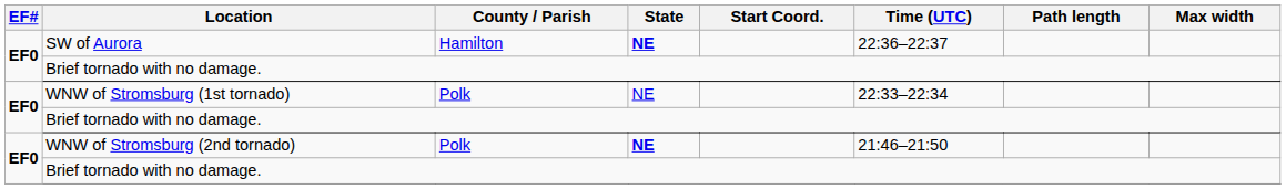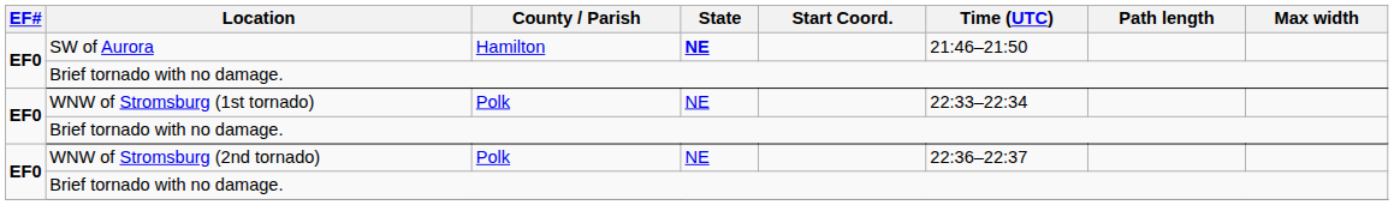 <table class="wikitable sortable" style="width:100%;">
 <tr>
 <th scope="col" width="2%" align="center"><a href='#'>EF#</a></th>
 <th scope="col" align="center" class="unsortable">Location</th>
 <th scope="col" align="center" class="unsortable">County / Parish</th>
 <th scope="col" align="center">State</th>
 <th scope="col" align="center" data-sort-type="number">Start Coord.</th>
 <th scope="col" align="center" data-sort-type="number">Time (<a href='#'>UTC</a>)</th>
 <th scope="col" align="center" data-sort-type="number">Path length</th>
 <th scope="col" align="center" data-sort-type="number">Max width</th>
 </tr>
 <tr>
 <td rowspan="2" align="center"><strong>EF0</strong></td>
 <td>SW of <a href='#'>Aurora</a></td>
 <td><a href='#'>Hamilton</a></td>
 <td><strong><a href='#'>NE</a></strong></td>
 <td></td>
-<td>22:36–22:37</td>
+<td>21:46–21:50</td>
 <td></td>
 <td></td>
 </tr>
 <tr class="expand-child">
 <td colspan="8" style=" border-bottom: 1px solid black;">Brief tornado with no damage.</td>
 </tr>
 <tr>
 <td rowspan="2" align="center"><strong>EF0</strong></td>
 <td>WNW of <a href='#'>Stromsburg</a> (1st tornado)</td>
 <td><a href='#'>Polk</a></td>
 <td><a href='#'>NE</a></td>
 <td></td>
 <td>22:33–22:34</td>
 <td></td>
 <td></td>
 </tr>
 <tr class="expand-child">
 <td colspan="8" style=" border-bottom: 1px solid black;">Brief tornado with no damage.</td>
 </tr>
 <tr>
 <td rowspan="2" align="center"><strong>EF0</strong></td>
 <td>WNW of <a href='#'>Stromsburg</a> (2nd tornado)</td>
 <td><a href='#'>Polk</a></td>
-<td><strong><a href='#'>NE</a></strong></td>
+<td><a href='#'>NE</a></td>
 <td></td>
-<td>21:46–21:50</td>
+<td>22:36–22:37</td>
 <td></td>
 <td></td>
 </tr>
 <tr class="expand-child">
 <td colspan="8" style=" border-bottom: 1px solid black;">Brief tornado with no damage.</td>
 </tr>
 <tr>
 </tr>
 </table>
